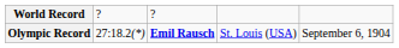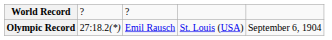 <table class="wikitable">
 <tr>
 <th>World Record</th>
 <td>?</td>
 <td>?</td>
 <td></td>
 <td></td>
 </tr>
 <tr>
 <th>Olympic Record</th>
 <td>27:18.2<em>(*)</em></td>
-<td><strong> <a href='#'>Emil Rausch</a></strong></td>
+<td> <a href='#'>Emil Rausch</a></td>
 <td><a href='#'>St. Louis</a> (<a href='#'>USA</a>)</td>
 <td>September 6, 1904</td>
 </tr>
 </table>
